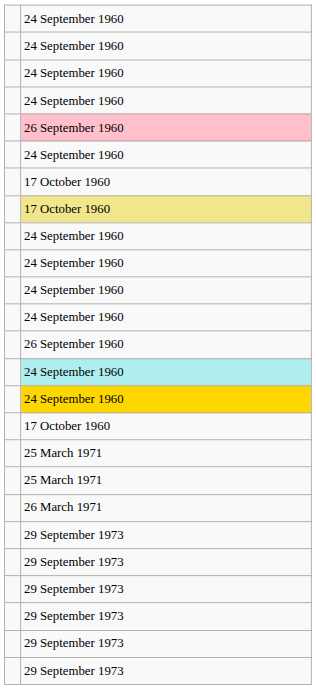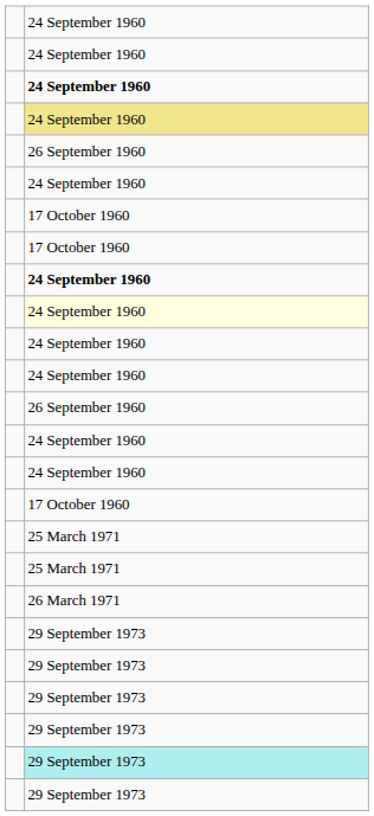 <table class="wikitable" style="font-size: 89%; float: left; width: 24em; margin-right: 1em; line-height: 1.65em">
 <tr>
 <td></td>
 <td>24 September 1960</td>
 </tr>
 <tr>
 <td></td>
 <td>24 September 1960</td>
 </tr>
 <tr>
 <td></td>
-<td>24 September 1960</td>
+<td><strong>24 September 1960</strong></td>
 </tr>
 <tr>
 <td></td>
-<td>24 September 1960</td>
+<td style="background: khaki;">24 September 1960</td>
 </tr>
 <tr>
 <td></td>
-<td style="background: pink;">26 September 1960</td>
+<td>26 September 1960</td>
 </tr>
 <tr>
 <td></td>
 <td>24 September 1960</td>
 </tr>
 <tr>
 <td></td>
 <td>17 October 1960</td>
 </tr>
 <tr>
 <td></td>
-<td style="background: khaki;">17 October 1960</td>
+<td>17 October 1960</td>
 </tr>
 <tr>
 <td></td>
-<td>24 September 1960</td>
+<td><strong>24 September 1960</strong></td>
 </tr>
 <tr>
 <td></td>
-<td>24 September 1960</td>
+<td style="background: lightyellow;">24 September 1960</td>
 </tr>
 <tr>
 <td></td>
 <td>24 September 1960</td>
 </tr>
 <tr>
 <td></td>
 <td>24 September 1960</td>
 </tr>
 <tr>
 <td></td>
 <td>26 September 1960</td>
 </tr>
 <tr>
 <td></td>
-<td style="background: paleturquoise;">24 September 1960</td>
+<td>24 September 1960</td>
 </tr>
 <tr>
 <td></td>
-<td style="background: gold;">24 September 1960</td>
+<td>24 September 1960</td>
 </tr>
 <tr>
 <td></td>
 <td>17 October 1960</td>
 </tr>
 <tr>
 <td></td>
 <td>25 March 1971</td>
 </tr>
 <tr>
 <td></td>
 <td>25 March 1971</td>
 </tr>
 <tr>
 <td></td>
 <td>26 March 1971</td>
 </tr>
 <tr>
 <td></td>
 <td>29 September 1973</td>
 </tr>
 <tr>
 <td></td>
 <td>29 September 1973</td>
 </tr>
 <tr>
 <td></td>
 <td>29 September 1973</td>
 </tr>
 <tr>
 <td></td>
 <td>29 September 1973</td>
 </tr>
 <tr>
 <td></td>
-<td>29 September 1973</td>
+<td style="background: paleturquoise;">29 September 1973</td>
 </tr>
 <tr>
 <td></td>
 <td>29 September 1973</td>
 </tr>
 </table>
